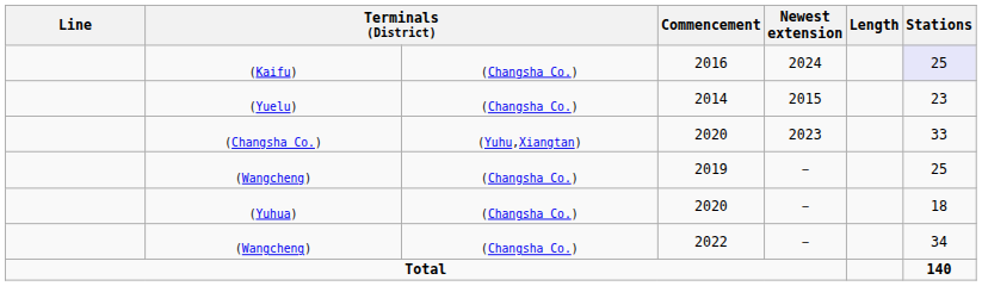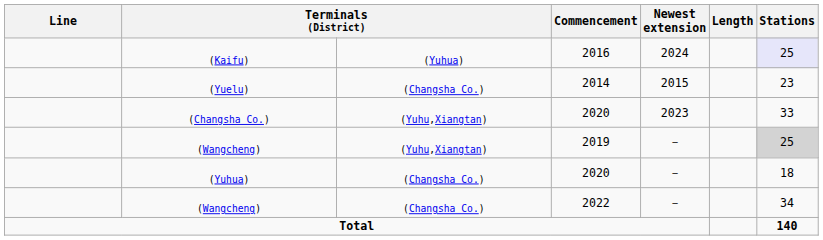 <table class="wikitable sortable" style="cell-padding:1.5; font-size:96%; text-align:center;">
 <tr>
 <th data-sort-type="text" style="width:120px;">Line</th>
 <th colspan="2" class="unsortable" style="width:450px; line-height:1.05">Terminals<br><small>(District)</small></th>
 <th>Commencement</th>
 <th>Newest<br>extension</th>
 <th style="line-height:1.05">Length</th>
 <th style="line-height:1.05">Stations</th>
 </tr>
 <tr>
 <td style="text-align:center; line-height:1.05"></td>
 <td style="text-align:center; width:225px; line-height:1.05"><strong></strong><small><br>(<a href='#'>Kaifu</a>)</small></td>
-<td style="text-align:center; width:225px; line-height:1.05"><strong></strong><small><br>(<a href='#'>Changsha Co.</a>)</small></td>
+<td style="text-align:center; width:225px; line-height:1.05"><strong></strong><small><br>(<a href='#'>Yuhua</a>)</small></td>
 <td style="text-align:center; line-height:1.05">2016</td>
 <td style="text-align:center; line-height:1.05">2024</td>
 <td style="text-align:center; line-height:1.05"></td>
 <td style="background: lavender; text-align:center; line-height:1.05">25</td>
 </tr>
 <tr>
 <td style="text-align:center; line-height:1.05"></td>
 <td style="text-align:center; width:225px; line-height:1.05"><strong></strong><small><br>(<a href='#'>Yuelu</a>)</small></td>
 <td style="text-align:center; width:225px; line-height:1.05"><strong></strong><small><br>(<a href='#'>Changsha Co.</a>)</small></td>
 <td style="text-align:center; line-height:1.05">2014</td>
 <td style="text-align:center; line-height:1.05">2015</td>
 <td style="text-align:center; line-height:1.05"></td>
 <td style="text-align:center; line-height:1.05">23</td>
 </tr>
 <tr>
 <td style="text-align:center; line-height:1.05"></td>
 <td style="text-align:center; width:225px; line-height:1.05"><strong></strong><small><br>(<a href='#'>Changsha Co.</a>)</small></td>
 <td style="text-align:center; width:225px; line-height:1.05"><strong></strong><small><br>(<a href='#'>Yuhu</a>,<a href='#'>Xiangtan</a>)</small></td>
 <td style="text-align:center; line-height:1.05">2020</td>
 <td style="text-align:center; line-height:1.05">2023</td>
 <td style="text-align:center; line-height:1.05"></td>
 <td style="text-align:center; line-height:1.05">33</td>
 </tr>
 <tr>
 <td style="text-align:center; line-height:1.05"></td>
 <td style="text-align:center; width:225px; line-height:1.05"><strong></strong><small><br>(<a href='#'>Wangcheng</a>)</small></td>
-<td style="text-align:center; width:225px; line-height:1.05"><strong></strong><small><br>(<a href='#'>Changsha Co.</a>)</small></td>
+<td style="text-align:center; width:225px; line-height:1.05"><strong></strong><small><br>(<a href='#'>Yuhu</a>,<a href='#'>Xiangtan</a>)</small></td>
 <td style="text-align:center; line-height:1.05">2019</td>
 <td style="text-align:center; line-height:1.05">－</td>
 <td style="text-align:center; line-height:1.05"></td>
-<td style="text-align:center; line-height:1.05">25</td>
+<td style="background: lightgrey; text-align:center; line-height:1.05">25</td>
 </tr>
 <tr>
 <td style="text-align:center; line-height:1.05"></td>
 <td style="text-align:center; width:225px; line-height:1.05"><strong></strong><small><br>(<a href='#'>Yuhua</a>)</small></td>
 <td style="text-align:center; width:225px; line-height:1.05"><strong></strong><small><br>(<a href='#'>Changsha Co.</a>)</small></td>
 <td style="text-align:center; line-height:1.05">2020</td>
 <td style="text-align:center; line-height:1.05">－</td>
 <td style="text-align:center; line-height:1.05"></td>
 <td style="text-align:center; line-height:1.05">18</td>
 </tr>
 <tr>
 <td style="text-align:center; line-height:1.05"></td>
 <td style="text-align:center; width:225px; line-height:1.05"><strong></strong><small><br>(<a href='#'>Wangcheng</a>)</small></td>
 <td style="text-align:center; width:225px; line-height:1.05"><strong></strong><small><br>(<a href='#'>Changsha Co.</a>)</small></td>
 <td style="text-align:center; line-height:1.05">2022</td>
 <td style="text-align:center; line-height:1.05">－</td>
 <td style="text-align:center; line-height:1.05"></td>
 <td style="text-align:center; line-height:1.05">34</td>
 </tr>
 <tr class="sortbottom">
 <td colspan="5" style="text-align:center; line-height:1.05"><strong>Total</strong></td>
 <td style="text-align:center; line-height:1.05"><strong></strong></td>
 <td style="text-align:center; line-height:1.05"><strong>140</strong></td>
 </tr>
 </table>
